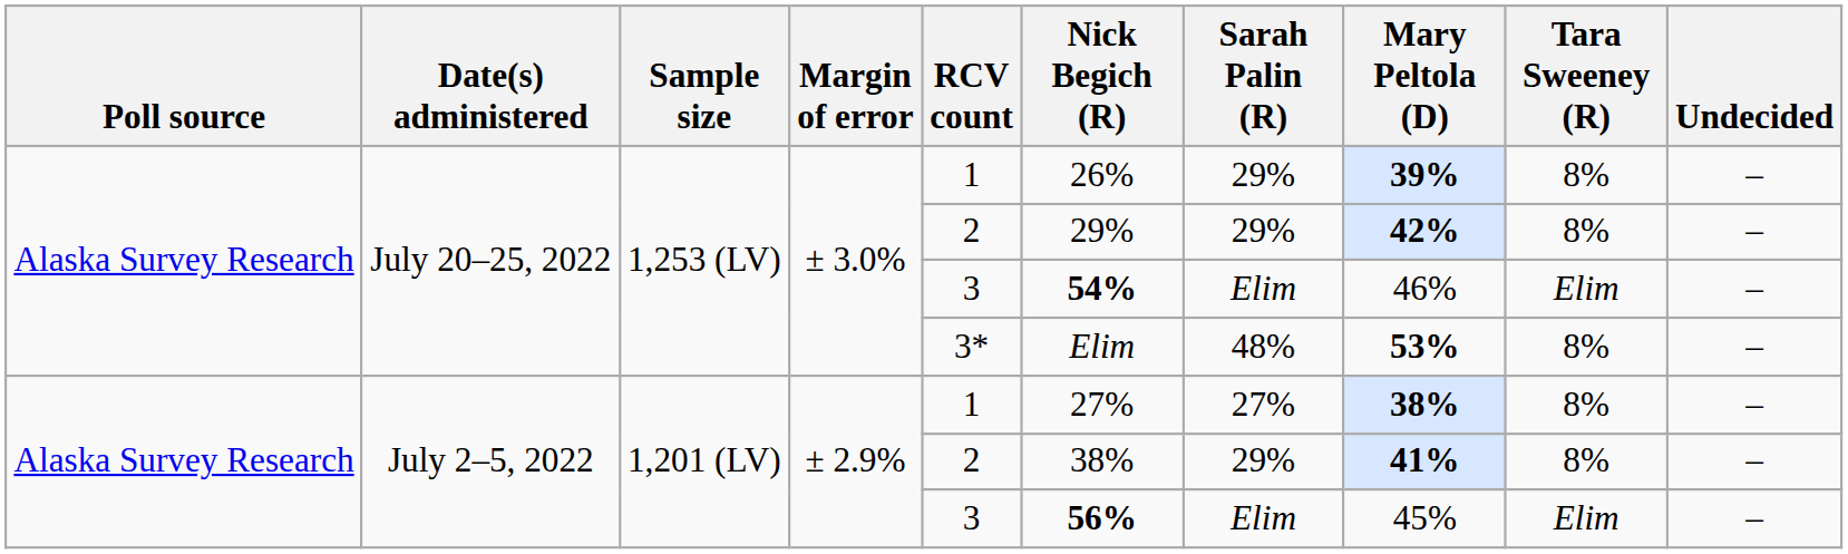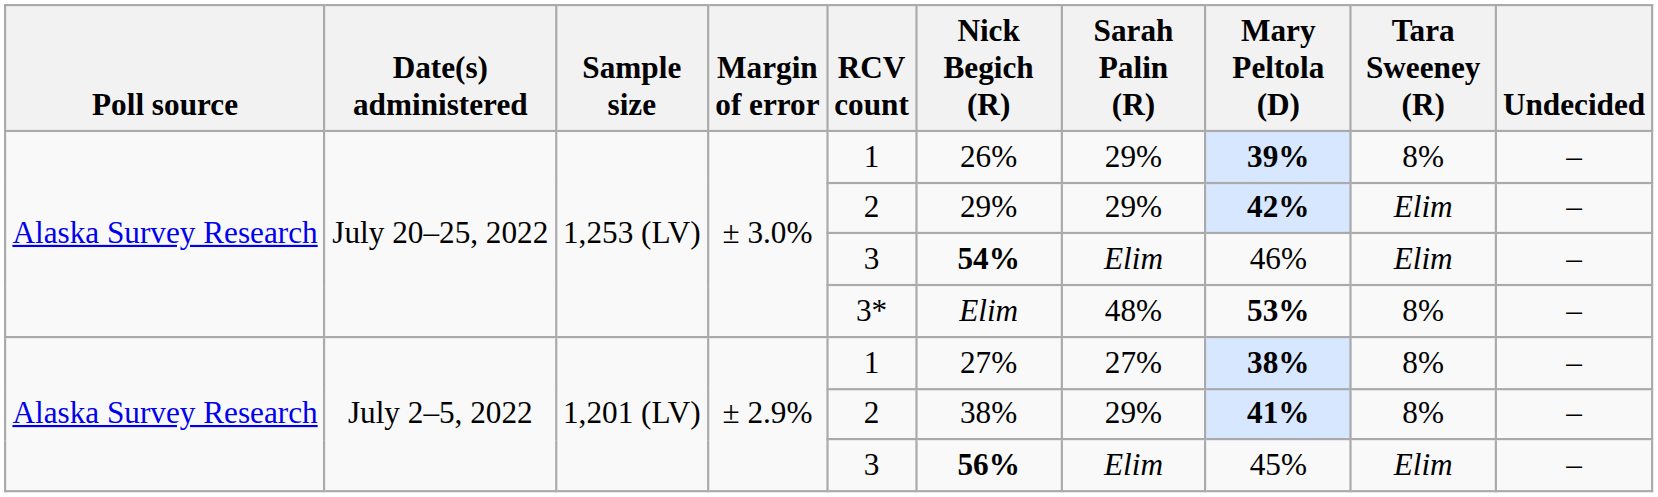 <table class="wikitable" style="font-size:90%;text-align:center;">
 <tr valign=bottom>
 <th>Poll source</th>
 <th>Date(s)<br>administered</th>
 <th>Sample<br>size</th>
 <th>Margin<br>of error</th>
 <th>RCV<br>count</th>
 <th style="width:60px;">Nick<br>Begich<br>(R)</th>
 <th style="width:60px;">Sarah<br>Palin<br>(R)</th>
 <th style="width:60px;">Mary<br>Peltola<br>(D)</th>
 <th style="width:60px;">Tara<br>Sweeney<br>(R)</th>
 <th>Undecided</th>
 </tr>
 <tr>
 <td style="text-align:left;" rowspan="4"><a href='#'>Alaska Survey Research</a></td>
 <td rowspan="4">July 20–25, 2022</td>
 <td rowspan="4">1,253 (LV)</td>
 <td rowspan="4">± 3.0%</td>
 <td>1</td>
 <td>26%</td>
 <td>29%</td>
 <td style="background:#D7E7FF;"><strong>39%</strong></td>
 <td>8%</td>
 <td>–</td>
 </tr>
 <tr>
 <td>2</td>
 <td>29%</td>
 <td>29%</td>
 <td style="background:#D7E7FF;"><strong>42%</strong></td>
-<td>8%</td>
+<td><em>Elim</em></td>
 <td>–</td>
 </tr>
 <tr>
 <td>3</td>
 <td><strong>54%</strong></td>
 <td><em>Elim</em></td>
 <td>46%</td>
 <td><em>Elim</em></td>
 <td>–</td>
 </tr>
 <tr>
 <td>3*</td>
 <td><em>Elim</em></td>
 <td>48%</td>
 <td><strong>53%</strong></td>
 <td>8%</td>
 <td>–</td>
 </tr>
 <tr>
 <td style="text-align:left;" rowspan="3"><a href='#'>Alaska Survey Research</a></td>
 <td rowspan="3">July 2–5, 2022</td>
 <td rowspan="3">1,201 (LV)</td>
 <td rowspan="3">± 2.9%</td>
 <td>1</td>
 <td>27%</td>
 <td>27%</td>
 <td style="background:#D7E7FF;"><strong>38%</strong></td>
 <td>8%</td>
 <td>–</td>
 </tr>
 <tr>
 <td>2</td>
 <td>38%</td>
 <td>29%</td>
 <td style="background:#D7E7FF;"><strong>41%</strong></td>
 <td>8%</td>
 <td>–</td>
 </tr>
 <tr>
 <td>3</td>
 <td><strong>56%</strong></td>
 <td><em>Elim</em></td>
 <td>45%</td>
 <td><em>Elim</em></td>
 <td>–</td>
 </tr>
 </table>
